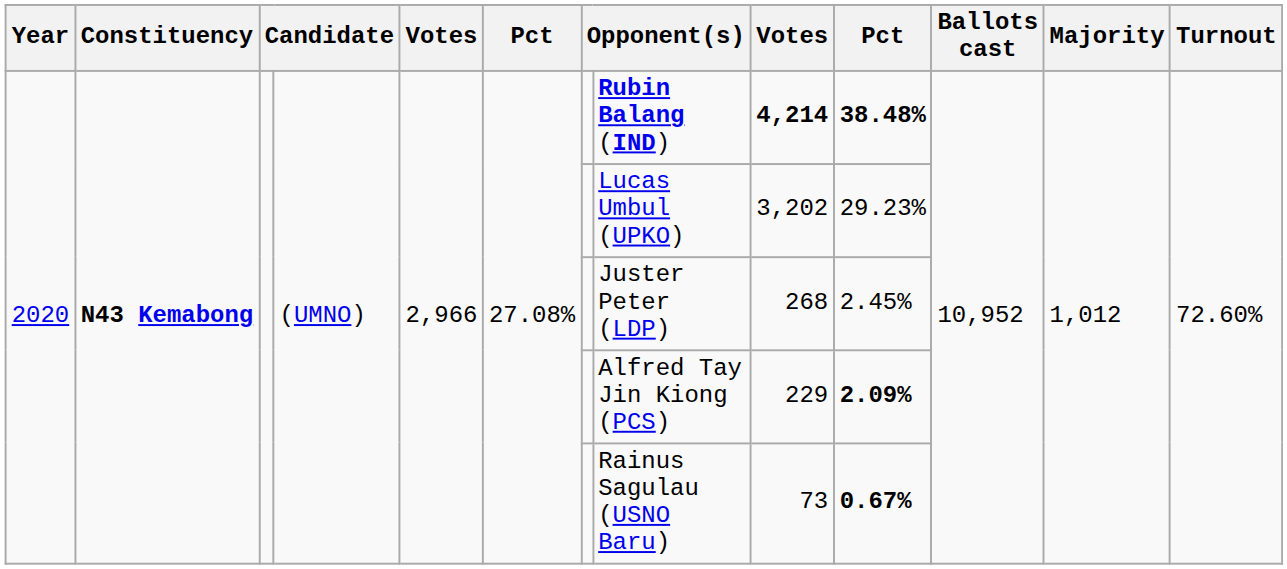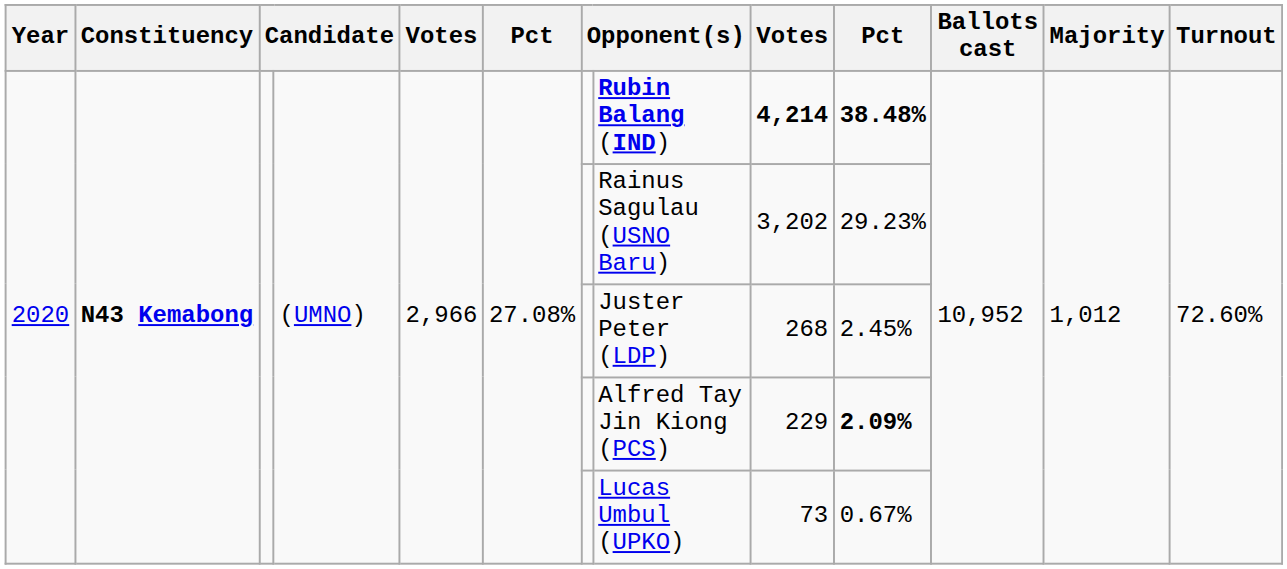 <table class="wikitable" style="margin:0.5em ; font-size:95%">
 <tr>
 <th>Year</th>
 <th>Constituency</th>
 <th colspan=2>Candidate</th>
 <th>Votes</th>
 <th>Pct</th>
 <th colspan=2>Opponent(s)</th>
 <th>Votes</th>
 <th>Pct</th>
 <th>Ballots cast</th>
 <th>Majority</th>
 <th>Turnout</th>
 </tr>
 <tr>
 <td rowspan=5><a href='#'>2020</a></td>
 <td rowspan=5><strong>N43 <a href='#'>Kemabong</a></strong></td>
 <td rowspan=5 ></td>
 <td rowspan=5> (<a href='#'>UMNO</a>)</td>
 <td rowspan=5 align="right">2,966</td>
 <td rowspan=5>27.08%</td>
 <td></td>
 <td><strong><a href='#'>Rubin Balang</a></strong> (<a href='#'><strong>IND</strong></a>)</td>
 <td align="right"><strong>4,214</strong></td>
 <td><strong>38.48%</strong></td>
 <td rowspan=5>10,952</td>
 <td rowspan=5>1,012</td>
 <td rowspan=5>72.60%</td>
 </tr>
 <tr>
 <td></td>
-<td><a href='#'>Lucas Umbul</a> (<a href='#'>UPKO</a>)</td>
+<td>Rainus Sagulau (<a href='#'>USNO Baru</a>)</td>
 <td align="right">3,202</td>
 <td>29.23%</td>
 </tr>
 <tr>
 <td></td>
 <td>Juster Peter (<a href='#'>LDP</a>)</td>
 <td align="right">268</td>
 <td>2.45%</td>
 </tr>
 <tr>
 <td></td>
 <td>Alfred Tay Jin Kiong (<a href='#'>PCS</a>)</td>
 <td align="right">229</td>
 <td><strong>2.09%</strong></td>
 </tr>
 <tr>
 <td bgcolor=></td>
-<td>Rainus Sagulau (<a href='#'>USNO Baru</a>)</td>
+<td><a href='#'>Lucas Umbul</a> (<a href='#'>UPKO</a>)</td>
 <td align="right">73</td>
-<td><strong>0.67%</strong></td>
+<td>0.67%</td>
 </tr>
 </table>
